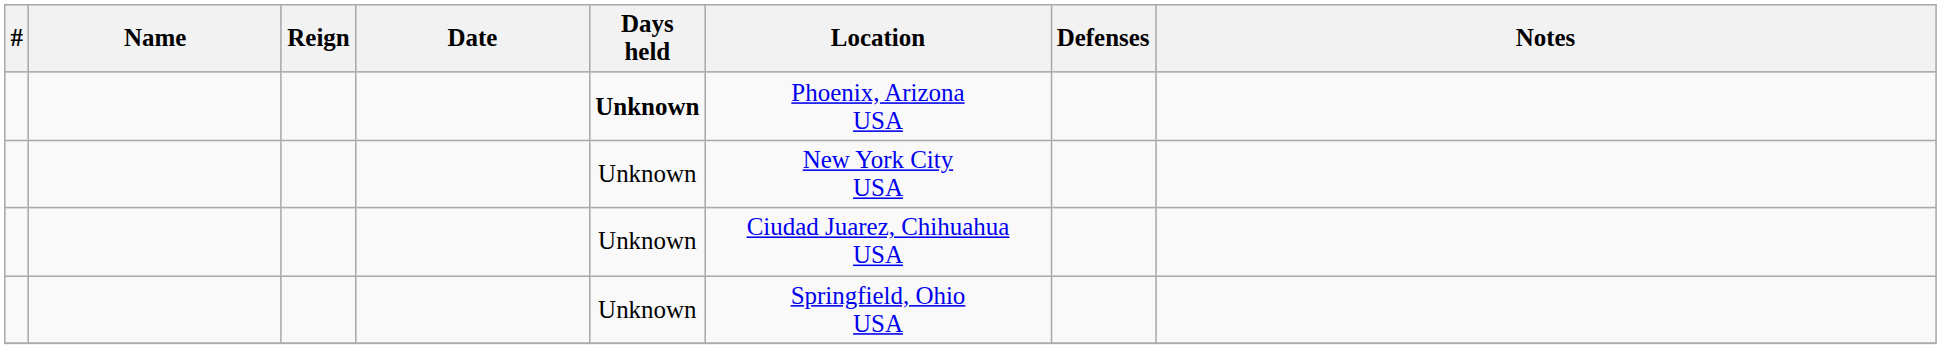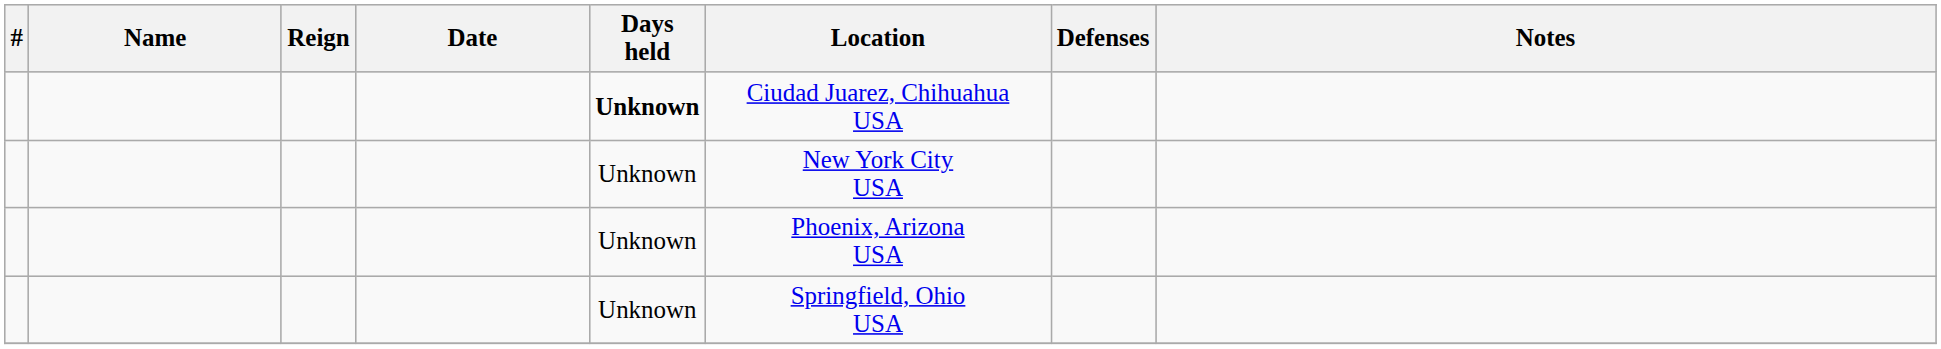 <table class="wikitable sortable" width=98% style="text-align:center;">
 <tr>
 <th width=0%>#</th>
 <th width=14%>Name</th>
 <th width=0%>Reign</th>
 <th width=13%>Date</th>
 <th width=5%>Days<br>held</th>
 <th width=19%>Location</th>
 <th width=5%>Defenses</th>
 <th width=44% class="unsortable">Notes</th>
 </tr>
 <tr>
 <td></td>
 <td></td>
 <td></td>
 <td></td>
 <td><strong>Unknown</strong></td>
-<td><a href='#'>Phoenix, Arizona</a><br><a href='#'>USA</a></td>
+<td><a href='#'>Ciudad Juarez, Chihuahua</a><br><a href='#'>USA</a></td>
 <td></td>
 <td align=left></td>
 </tr>
 <tr>
 <td></td>
 <td></td>
 <td></td>
 <td></td>
 <td>Unknown</td>
 <td><a href='#'>New York City</a><br><a href='#'>USA</a></td>
 <td></td>
 <td align=left></td>
 </tr>
 <tr>
 <td></td>
 <td></td>
 <td></td>
 <td></td>
 <td>Unknown</td>
-<td><a href='#'>Ciudad Juarez, Chihuahua</a><br><a href='#'>USA</a></td>
+<td><a href='#'>Phoenix, Arizona</a><br><a href='#'>USA</a></td>
 <td></td>
 <td align=left></td>
 </tr>
 <tr>
 <td></td>
 <td></td>
 <td></td>
 <td></td>
 <td>Unknown</td>
 <td><a href='#'>Springfield, Ohio</a><br><a href='#'>USA</a></td>
 <td></td>
 <td align=left></td>
 </tr>
 <tr>
 </tr>
 </table>
